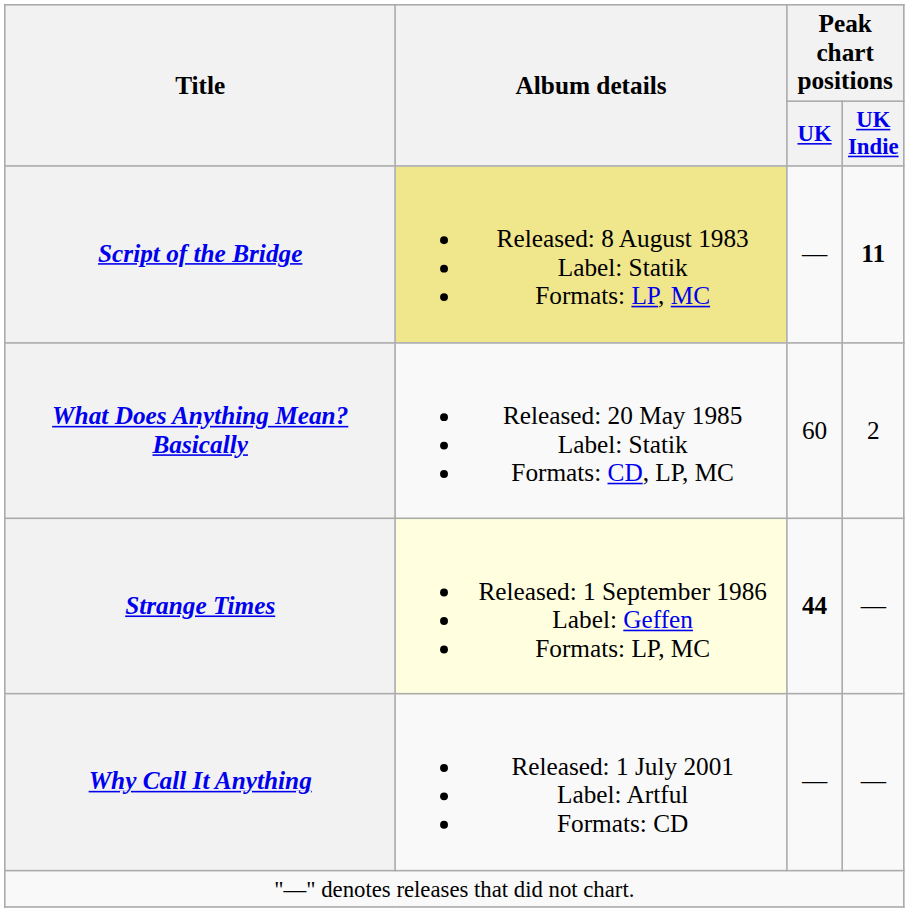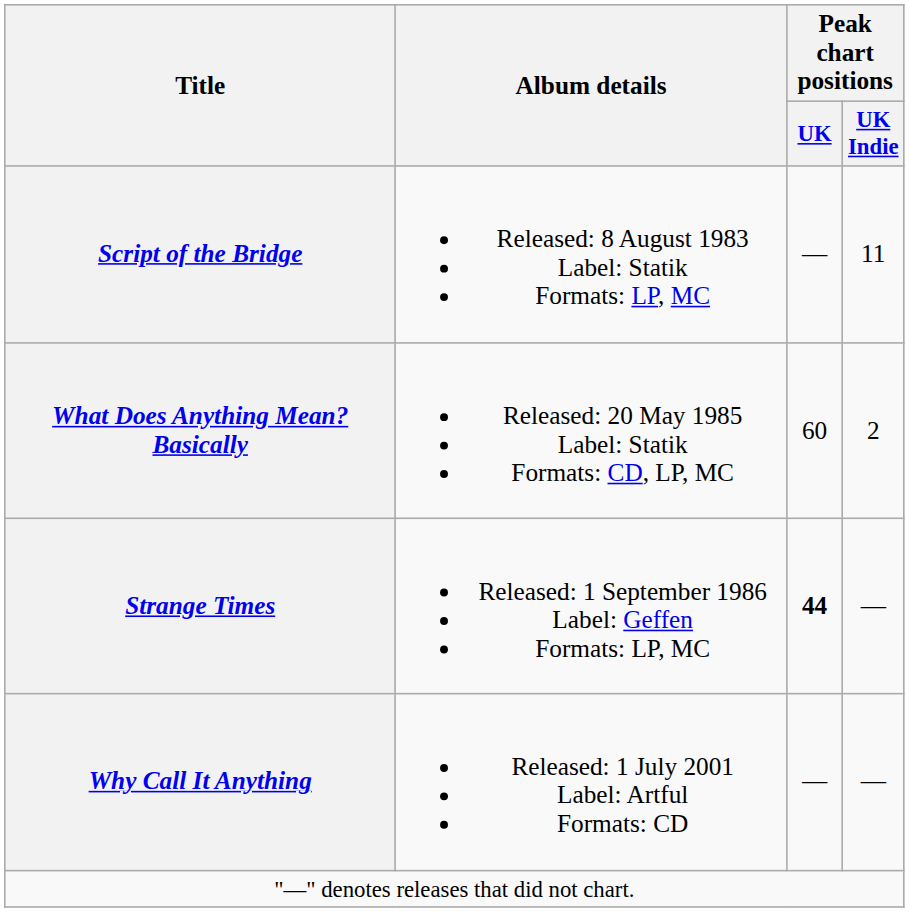 <table class="wikitable plainrowheaders" style="text-align:center;">
 <tr>
 <th rowspan="2" scope="col" style="width:15em;">Title</th>
 <th rowspan="2" scope="col" style="width:15em;">Album details</th>
 <th colspan="2">Peak chart positions</th>
 </tr>
 <tr>
 <th scope="col" style="width:2em;font-size:90%;"><a href='#'>UK</a><br></th>
 <th scope="col" style="width:2em;font-size:90%;"><a href='#'>UK Indie</a><br></th>
 </tr>
 <tr>
 <th scope="row"><em><a href='#'>Script of the Bridge</a></em></th>
-<td style="background: khaki;"><br><ul><li>Released: 8 August 1983</li><li>Label: Statik</li><li>Formats: <a href='#'>LP</a>, <a href='#'>MC</a></li></ul></td>
+<td><br><ul><li>Released: 8 August 1983</li><li>Label: Statik</li><li>Formats: <a href='#'>LP</a>, <a href='#'>MC</a></li></ul></td>
 <td>—</td>
-<td><strong>11</strong></td>
+<td>11</td>
 </tr>
 <tr>
 <th scope="row"><em><a href='#'>What Does Anything Mean? Basically</a></em></th>
 <td><br><ul><li>Released: 20 May 1985</li><li>Label: Statik</li><li>Formats: <a href='#'>CD</a>, LP, MC</li></ul></td>
 <td>60</td>
 <td>2</td>
 </tr>
 <tr>
 <th scope="row"><em><a href='#'>Strange Times</a></em></th>
-<td style="background: lightyellow;"><br><ul><li>Released: 1 September 1986</li><li>Label: <a href='#'>Geffen</a></li><li>Formats: LP, MC</li></ul></td>
+<td><br><ul><li>Released: 1 September 1986</li><li>Label: <a href='#'>Geffen</a></li><li>Formats: LP, MC</li></ul></td>
 <td><strong>44</strong></td>
 <td>—</td>
 </tr>
 <tr>
 <th scope="row"><em><a href='#'>Why Call It Anything</a></em></th>
 <td><br><ul><li>Released: 1 July 2001</li><li>Label: Artful</li><li>Formats: CD</li></ul></td>
 <td>—</td>
 <td>—</td>
 </tr>
 <tr>
 <td colspan="4" style="font-size:90%">"—" denotes releases that did not chart.</td>
 </tr>
 </table>
